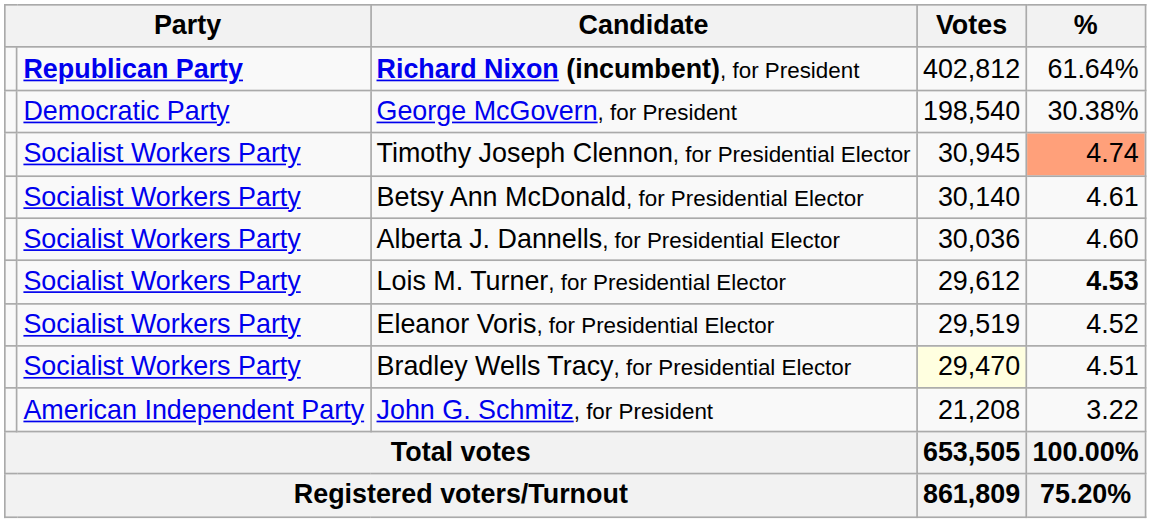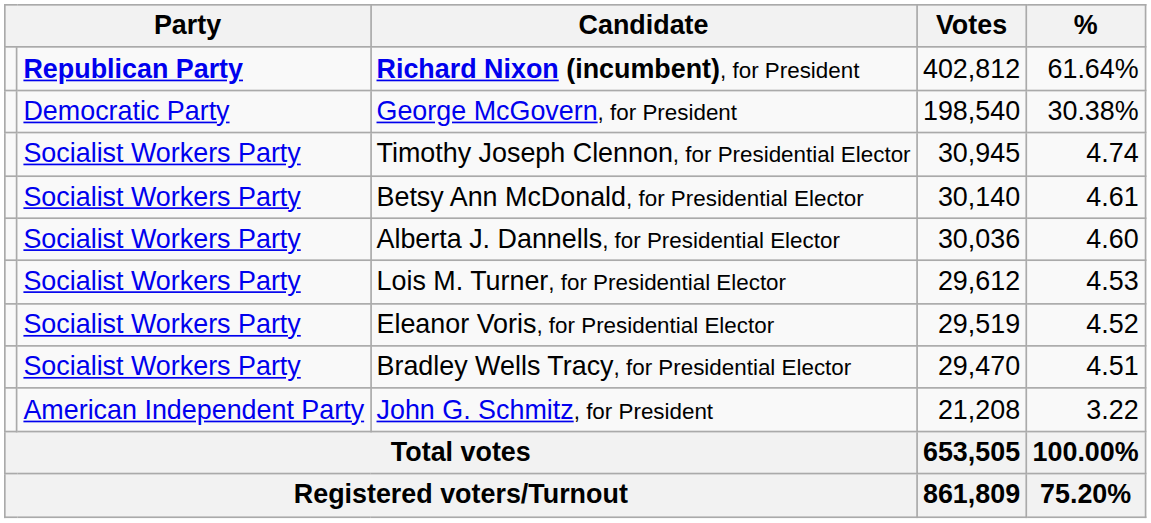 <table class="wikitable">
 <tr>
 <th colspan=2>Party</th>
 <th>Candidate</th>
 <th>Votes</th>
 <th>%</th>
 </tr>
 <tr>
 <td bgcolor=></td>
 <td><strong><a href='#'>Republican Party</a></strong></td>
 <td><strong><a href='#'>Richard Nixon</a></strong> <strong>(incumbent)</strong><small>, for President</small></td>
 <td align=right>402,812</td>
 <td align=right>61.64%</td>
 </tr>
 <tr>
 <td bgcolor=></td>
 <td><a href='#'>Democratic Party</a></td>
 <td><a href='#'>George McGovern</a><small>, for President</small></td>
 <td align=right>198,540</td>
 <td align=right>30.38%</td>
 </tr>
 <tr>
 <td bgcolor=></td>
 <td><a href='#'>Socialist Workers Party</a></td>
 <td>Timothy Joseph Clennon<small>, for Presidential Elector</small></td>
 <td align=right>30,945</td>
-<td align=right style="background: lightsalmon;">4.74</td>
+<td align=right>4.74</td>
 </tr>
 <tr>
 <td bgcolor=></td>
 <td><a href='#'>Socialist Workers Party</a></td>
 <td>Betsy Ann McDonald<small>, for Presidential Elector</small></td>
 <td align=right>30,140</td>
 <td align=right>4.61</td>
 </tr>
 <tr>
 <td bgcolor=></td>
 <td><a href='#'>Socialist Workers Party</a></td>
 <td>Alberta J. Dannells<small>, for Presidential Elector</small></td>
 <td align=right>30,036</td>
 <td align=right>4.60</td>
 </tr>
 <tr>
 <td bgcolor=></td>
 <td><a href='#'>Socialist Workers Party</a></td>
 <td>Lois M. Turner<small>, for Presidential Elector</small></td>
 <td align=right>29,612</td>
-<td align=right><strong>4.53</strong></td>
+<td align=right>4.53</td>
 </tr>
 <tr>
 <td bgcolor=></td>
 <td><a href='#'>Socialist Workers Party</a></td>
 <td>Eleanor Voris<small>, for Presidential Elector</small></td>
 <td align=right>29,519</td>
 <td align=right>4.52</td>
 </tr>
 <tr>
 <td bgcolor=></td>
 <td><a href='#'>Socialist Workers Party</a></td>
 <td>Bradley Wells Tracy<small>, for Presidential Elector</small></td>
-<td align=right style="background: lightyellow;">29,470</td>
+<td align=right>29,470</td>
 <td align=right>4.51</td>
 </tr>
 <tr>
 <td bgcolor=></td>
 <td><a href='#'>American Independent Party</a></td>
 <td><a href='#'>John G. Schmitz</a><small>, for President</small></td>
 <td align=right>21,208</td>
 <td align=right>3.22</td>
 </tr>
 <tr>
 <th colspan=3>Total votes</th>
 <th>653,505</th>
 <th>100.00%</th>
 </tr>
 <tr>
 <th colspan=3>Registered voters/Turnout</th>
 <th>861,809</th>
 <th>75.20%</th>
 </tr>
 </table>
